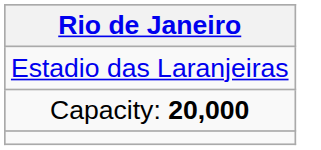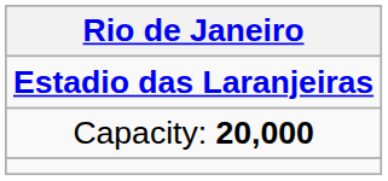 <table class="wikitable" style="text-align:center">
 <tr>
 <th><a href='#'>Rio de Janeiro</a></th>
 </tr>
 <tr>
-<td><a href='#'>Estadio das Laranjeiras</a></td>
+<td><strong><a href='#'>Estadio das Laranjeiras</a></strong></td>
 </tr>
 <tr>
 <td>Capacity: <strong>20,000</strong></td>
 </tr>
 <tr>
 <td></td>
 </tr>
 </table>
